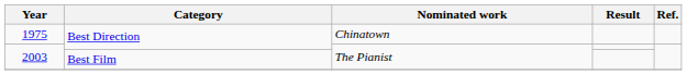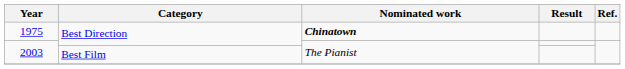 <table class=wikitable>
 <tr>
 <th scope="col" style="width:5em;">Year</th>
 <th scope="col" style="width:26em;">Category</th>
 <th scope="col" style="width:25em;">Nominated work</th>
 <th scope="col" style="width:5em;">Result</th>
 <th>Ref.</th>
 </tr>
 <tr>
 <td style="text-align:center;"><a href='#'>1975</a></td>
 <td rowspan=2><a href='#'>Best Direction</a></td>
-<td><em>Chinatown</em></td>
+<td><strong><em>Chinatown</em></strong></td>
 <td></td>
 <td></td>
 </tr>
 <tr>
 <td style="text-align:center;" rowspan=2><a href='#'>2003</a></td>
 <td rowspan=2><em>The Pianist</em></td>
 <td></td>
 <td rowspan=2></td>
 </tr>
 <tr>
 <td><a href='#'>Best Film</a></td>
 <td></td>
 </tr>
 <tr>
 </tr>
 </table>
